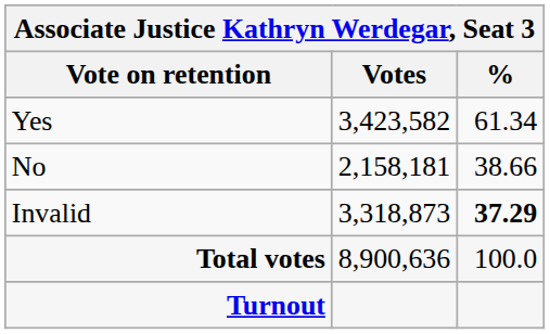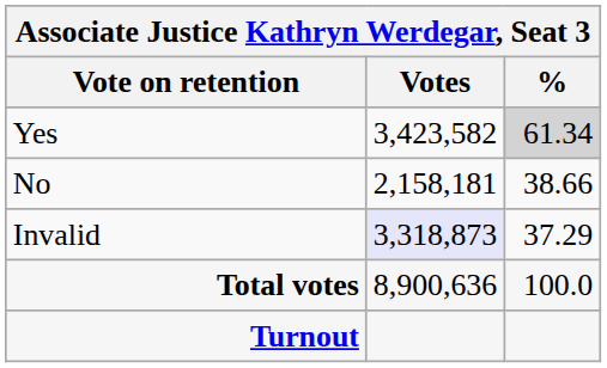 <table class="wikitable" style="font-size: 95%; clear:both">
 <tr style="background-color:#E9E9E9">
 <th colspan=7>Associate Justice <a href='#'>Kathryn Werdegar</a>, Seat 3</th>
 </tr>
 <tr style="background-color:#E9E9E9">
 <th style="width: 170px">Vote on retention</th>
 <th style="width: 50px">Votes</th>
 <th style="width: 40px">%</th>
 </tr>
 <tr>
 <td>Yes</td>
 <td align="right">3,423,582</td>
-<td align="right">61.34</td>
+<td align="right" style="background: lightgrey;">61.34</td>
 </tr>
 <tr>
 <td>No</td>
 <td align="right">2,158,181</td>
 <td align="right">38.66</td>
 </tr>
 <tr>
 <td>Invalid</td>
-<td align="right">3,318,873</td>
-<td align="right"><strong>37.29</strong></td>
+<td align="right" style="background: lavender;">3,318,873</td>
+<td align="right">37.29</td>
 </tr>
 <tr style="background-color:#F6F6F6">
 <td colspan="1" align="right"><strong>Total votes</strong></td>
 <td align="right">8,900,636</td>
 <td align="right">100.0</td>
 </tr>
 <tr style="background-color:#F6F6F6">
 <td colspan="1" style="text-align: right; margin-right: 0.5em"><strong><a href='#'>Turnout</a></strong></td>
 <td style="text-align: right; margin-right: 0.5em"></td>
 <td style="text-align: right; margin-right: 0.5em"></td>
 </tr>
 </table>
